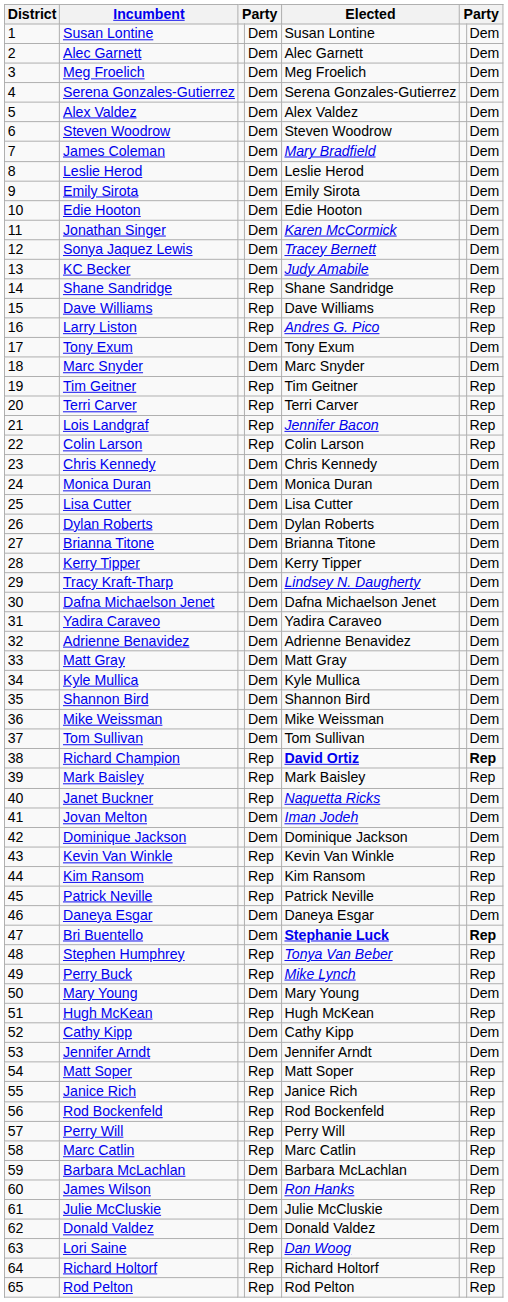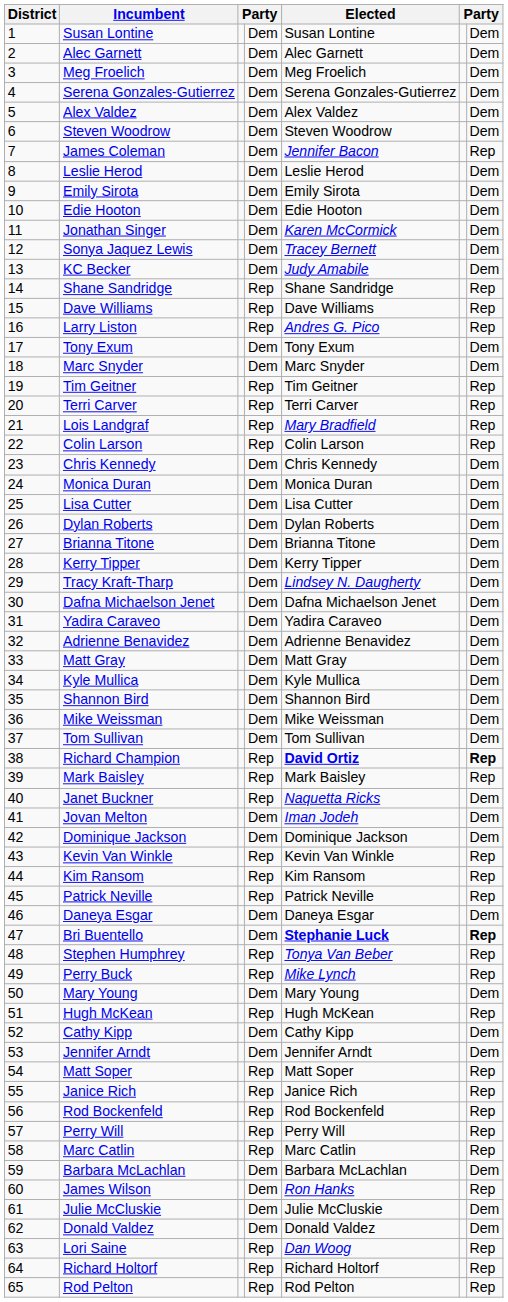 <table class="sortable wikitable" style="font-size:95%;line-height:14px;">
 <tr>
 <th class="unsortable">District</th>
 <th class="unsortable"><a href='#'>Incumbent</a></th>
 <th colspan="2">Party</th>
 <th class="unsortable">Elected</th>
 <th colspan="2">Party</th>
 </tr>
 <tr>
 <td>1</td>
 <td><a href='#'>Susan Lontine</a></td>
 <td style="background:"></td>
 <td>Dem</td>
 <td>Susan Lontine</td>
 <td style="background:"></td>
 <td>Dem</td>
 </tr>
 <tr>
 <td>2</td>
 <td><a href='#'>Alec Garnett</a></td>
 <td style="background:"></td>
 <td>Dem</td>
 <td>Alec Garnett</td>
 <td style="background:"></td>
 <td>Dem</td>
 </tr>
 <tr>
 <td>3</td>
 <td><a href='#'>Meg Froelich</a></td>
 <td style="background:"></td>
 <td>Dem</td>
 <td>Meg Froelich</td>
 <td style="background:"></td>
 <td>Dem</td>
 </tr>
 <tr>
 <td>4</td>
 <td><a href='#'>Serena Gonzales-Gutierrez</a></td>
 <td style="background:"></td>
 <td>Dem</td>
 <td>Serena Gonzales-Gutierrez</td>
 <td style="background:"></td>
 <td>Dem</td>
 </tr>
 <tr>
 <td>5</td>
 <td><a href='#'>Alex Valdez</a></td>
 <td style="background:"></td>
 <td>Dem</td>
 <td>Alex Valdez</td>
 <td style="background:"></td>
 <td>Dem</td>
 </tr>
 <tr>
 <td>6</td>
 <td><a href='#'>Steven Woodrow</a></td>
 <td style="background:"></td>
 <td>Dem</td>
 <td>Steven Woodrow</td>
 <td style="background:"></td>
 <td>Dem</td>
 </tr>
 <tr>
 <td>7</td>
 <td><a href='#'>James Coleman</a></td>
 <td style="background:"></td>
 <td>Dem</td>
-<td><em><a href='#'>Mary Bradfield</a></em></td>
+<td><em><a href='#'>Jennifer Bacon</a></em></td>
 <td style="background:"></td>
-<td>Dem</td>
+<td>Rep</td>
 </tr>
 <tr>
 <td>8</td>
 <td><a href='#'>Leslie Herod</a></td>
 <td style="background:"></td>
 <td>Dem</td>
 <td>Leslie Herod</td>
 <td style="background:"></td>
 <td>Dem</td>
 </tr>
 <tr>
 <td>9</td>
 <td><a href='#'>Emily Sirota</a></td>
 <td style="background:"></td>
 <td>Dem</td>
 <td>Emily Sirota</td>
 <td style="background:"></td>
 <td>Dem</td>
 </tr>
 <tr>
 <td>10</td>
 <td><a href='#'>Edie Hooton</a></td>
 <td style="background:"></td>
 <td>Dem</td>
 <td>Edie Hooton</td>
 <td style="background:"></td>
 <td>Dem</td>
 </tr>
 <tr>
 <td>11</td>
 <td><a href='#'>Jonathan Singer</a></td>
 <td style="background:"></td>
 <td>Dem</td>
 <td><em><a href='#'>Karen McCormick</a></em></td>
 <td style="background:"></td>
 <td>Dem</td>
 </tr>
 <tr>
 <td>12</td>
 <td><a href='#'>Sonya Jaquez Lewis</a></td>
 <td style="background:"></td>
 <td>Dem</td>
 <td><em><a href='#'>Tracey Bernett</a></em></td>
 <td style="background:"></td>
 <td>Dem</td>
 </tr>
 <tr>
 <td>13</td>
 <td><a href='#'>KC Becker</a></td>
 <td style="background:"></td>
 <td>Dem</td>
 <td><em><a href='#'>Judy Amabile</a></em></td>
 <td style="background:"></td>
 <td>Dem</td>
 </tr>
 <tr>
 <td>14</td>
 <td><a href='#'>Shane Sandridge</a></td>
 <td style="background:"></td>
 <td>Rep</td>
 <td>Shane Sandridge</td>
 <td style="background:"></td>
 <td>Rep</td>
 </tr>
 <tr>
 <td>15</td>
 <td><a href='#'>Dave Williams</a></td>
 <td style="background:"></td>
 <td>Rep</td>
 <td>Dave Williams</td>
 <td style="background:"></td>
 <td>Rep</td>
 </tr>
 <tr>
 <td>16</td>
 <td><a href='#'>Larry Liston</a></td>
 <td style="background:"></td>
 <td>Rep</td>
 <td><em><a href='#'>Andres G. Pico</a></em></td>
 <td style="background:"></td>
 <td>Rep</td>
 </tr>
 <tr>
 <td>17</td>
 <td><a href='#'>Tony Exum</a></td>
 <td style="background:"></td>
 <td>Dem</td>
 <td>Tony Exum</td>
 <td style="background:"></td>
 <td>Dem</td>
 </tr>
 <tr>
 <td>18</td>
 <td><a href='#'>Marc Snyder</a></td>
 <td style="background:"></td>
 <td>Dem</td>
 <td>Marc Snyder</td>
 <td style="background:"></td>
 <td>Dem</td>
 </tr>
 <tr>
 <td>19</td>
 <td><a href='#'>Tim Geitner</a></td>
 <td style="background:"></td>
 <td>Rep</td>
 <td>Tim Geitner</td>
 <td style="background:"></td>
 <td>Rep</td>
 </tr>
 <tr>
 <td>20</td>
 <td><a href='#'>Terri Carver</a></td>
 <td style="background:"></td>
 <td>Rep</td>
 <td>Terri Carver</td>
 <td style="background:"></td>
 <td>Rep</td>
 </tr>
 <tr>
 <td>21</td>
 <td><a href='#'>Lois Landgraf</a></td>
 <td style="background:"></td>
 <td>Rep</td>
-<td><em><a href='#'>Jennifer Bacon</a></em></td>
+<td><em><a href='#'>Mary Bradfield</a></em></td>
 <td style="background:"></td>
 <td>Rep</td>
 </tr>
 <tr>
 <td>22</td>
 <td><a href='#'>Colin Larson</a></td>
 <td style="background:"></td>
 <td>Rep</td>
 <td>Colin Larson</td>
 <td style="background:"></td>
 <td>Rep</td>
 </tr>
 <tr>
 <td>23</td>
 <td><a href='#'>Chris Kennedy</a></td>
 <td style="background:"></td>
 <td>Dem</td>
 <td>Chris Kennedy</td>
 <td style="background:"></td>
 <td>Dem</td>
 </tr>
 <tr>
 <td>24</td>
 <td><a href='#'>Monica Duran</a></td>
 <td style="background:"></td>
 <td>Dem</td>
 <td>Monica Duran</td>
 <td style="background:"></td>
 <td>Dem</td>
 </tr>
 <tr>
 <td>25</td>
 <td><a href='#'>Lisa Cutter</a></td>
 <td style="background:"></td>
 <td>Dem</td>
 <td>Lisa Cutter</td>
 <td style="background:"></td>
 <td>Dem</td>
 </tr>
 <tr>
 <td>26</td>
 <td><a href='#'>Dylan Roberts</a></td>
 <td style="background:"></td>
 <td>Dem</td>
 <td>Dylan Roberts</td>
 <td style="background:"></td>
 <td>Dem</td>
 </tr>
 <tr>
 <td>27</td>
 <td><a href='#'>Brianna Titone</a></td>
 <td style="background:"></td>
 <td>Dem</td>
 <td>Brianna Titone</td>
 <td style="background:"></td>
 <td>Dem</td>
 </tr>
 <tr>
 <td>28</td>
 <td><a href='#'>Kerry Tipper</a></td>
 <td style="background:"></td>
 <td>Dem</td>
 <td>Kerry Tipper</td>
 <td style="background:"></td>
 <td>Dem</td>
 </tr>
 <tr>
 <td>29</td>
 <td><a href='#'>Tracy Kraft-Tharp</a></td>
 <td style="background:"></td>
 <td>Dem</td>
 <td><em><a href='#'>Lindsey N. Daugherty</a></em></td>
 <td style="background:"></td>
 <td>Dem</td>
 </tr>
 <tr>
 <td>30</td>
 <td><a href='#'>Dafna Michaelson Jenet</a></td>
 <td style="background:"></td>
 <td>Dem</td>
 <td>Dafna Michaelson Jenet</td>
 <td style="background:"></td>
 <td>Dem</td>
 </tr>
 <tr>
 <td>31</td>
 <td><a href='#'>Yadira Caraveo</a></td>
 <td style="background:"></td>
 <td>Dem</td>
 <td>Yadira Caraveo</td>
 <td style="background:"></td>
 <td>Dem</td>
 </tr>
 <tr>
 <td>32</td>
 <td><a href='#'>Adrienne Benavidez</a></td>
 <td style="background:"></td>
 <td>Dem</td>
 <td>Adrienne Benavidez</td>
 <td style="background:"></td>
 <td>Dem</td>
 </tr>
 <tr>
 <td>33</td>
 <td><a href='#'>Matt Gray</a></td>
 <td style="background:"></td>
 <td>Dem</td>
 <td>Matt Gray</td>
 <td style="background:"></td>
 <td>Dem</td>
 </tr>
 <tr>
 <td>34</td>
 <td><a href='#'>Kyle Mullica</a></td>
 <td style="background:"></td>
 <td>Dem</td>
 <td>Kyle Mullica</td>
 <td style="background:"></td>
 <td>Dem</td>
 </tr>
 <tr>
 <td>35</td>
 <td><a href='#'>Shannon Bird</a></td>
 <td style="background:"></td>
 <td>Dem</td>
 <td>Shannon Bird</td>
 <td style="background:"></td>
 <td>Dem</td>
 </tr>
 <tr>
 <td>36</td>
 <td><a href='#'>Mike Weissman</a></td>
 <td style="background:"></td>
 <td>Dem</td>
 <td>Mike Weissman</td>
 <td style="background:"></td>
 <td>Dem</td>
 </tr>
 <tr>
 <td>37</td>
 <td><a href='#'>Tom Sullivan</a></td>
 <td style="background:"></td>
 <td>Dem</td>
 <td>Tom Sullivan</td>
 <td style="background:"></td>
 <td>Dem</td>
 </tr>
 <tr>
 <td>38</td>
 <td><a href='#'>Richard Champion</a></td>
 <td style="background:"></td>
 <td>Rep</td>
 <td><strong><a href='#'>David Ortiz</a></strong></td>
 <td style="background:"></td>
 <td><strong>Rep</strong></td>
 </tr>
 <tr>
 <td>39</td>
 <td><a href='#'>Mark Baisley</a></td>
 <td style="background:"></td>
 <td>Rep</td>
 <td>Mark Baisley</td>
 <td style="background:"></td>
 <td>Rep</td>
 </tr>
 <tr>
 <td>40</td>
 <td><a href='#'>Janet Buckner</a></td>
 <td style="background:"></td>
 <td>Rep</td>
 <td><em><a href='#'>Naquetta Ricks</a></em></td>
 <td style="background:"></td>
 <td>Dem</td>
 </tr>
 <tr>
 <td>41</td>
 <td><a href='#'>Jovan Melton</a></td>
 <td style="background:"></td>
 <td>Dem</td>
 <td><em><a href='#'>Iman Jodeh</a></em></td>
 <td style="background:"></td>
 <td>Dem</td>
 </tr>
 <tr>
 <td>42</td>
 <td><a href='#'>Dominique Jackson</a></td>
 <td style="background:"></td>
 <td>Dem</td>
 <td>Dominique Jackson</td>
 <td style="background:"></td>
 <td>Dem</td>
 </tr>
 <tr>
 <td>43</td>
 <td><a href='#'>Kevin Van Winkle</a></td>
 <td style="background:"></td>
 <td>Rep</td>
 <td>Kevin Van Winkle</td>
 <td style="background:"></td>
 <td>Rep</td>
 </tr>
 <tr>
 <td>44</td>
 <td><a href='#'>Kim Ransom</a></td>
 <td style="background:"></td>
 <td>Rep</td>
 <td>Kim Ransom</td>
 <td style="background:"></td>
 <td>Rep</td>
 </tr>
 <tr>
 <td>45</td>
 <td><a href='#'>Patrick Neville</a></td>
 <td style="background:"></td>
 <td>Rep</td>
 <td>Patrick Neville</td>
 <td style="background:"></td>
 <td>Rep</td>
 </tr>
 <tr>
 <td>46</td>
 <td><a href='#'>Daneya Esgar</a></td>
 <td style="background:"></td>
 <td>Dem</td>
 <td>Daneya Esgar</td>
 <td style="background:"></td>
 <td>Dem</td>
 </tr>
 <tr>
 <td>47</td>
 <td><a href='#'>Bri Buentello</a></td>
 <td style="background:"></td>
 <td>Dem</td>
 <td><strong><a href='#'>Stephanie Luck</a></strong></td>
 <td style="background:"></td>
 <td><strong>Rep</strong></td>
 </tr>
 <tr>
 <td>48</td>
 <td><a href='#'>Stephen Humphrey</a></td>
 <td style="background:"></td>
 <td>Rep</td>
 <td><em><a href='#'>Tonya Van Beber</a></em></td>
 <td style="background:"></td>
 <td>Rep</td>
 </tr>
 <tr>
 <td>49</td>
 <td><a href='#'>Perry Buck</a></td>
 <td style="background:"></td>
 <td>Rep</td>
 <td><em><a href='#'>Mike Lynch</a></em></td>
 <td style="background:"></td>
 <td>Rep</td>
 </tr>
 <tr>
 <td>50</td>
 <td><a href='#'>Mary Young</a></td>
 <td style="background:"></td>
 <td>Dem</td>
 <td>Mary Young</td>
 <td style="background:"></td>
 <td>Dem</td>
 </tr>
 <tr>
 <td>51</td>
 <td><a href='#'>Hugh McKean</a></td>
 <td style="background:"></td>
 <td>Rep</td>
 <td>Hugh McKean</td>
 <td style="background:"></td>
 <td>Rep</td>
 </tr>
 <tr>
 <td>52</td>
 <td><a href='#'>Cathy Kipp</a></td>
 <td style="background:"></td>
 <td>Dem</td>
 <td>Cathy Kipp</td>
 <td style="background:"></td>
 <td>Dem</td>
 </tr>
 <tr>
 <td>53</td>
 <td><a href='#'>Jennifer Arndt</a></td>
 <td style="background:"></td>
 <td>Dem</td>
 <td>Jennifer Arndt</td>
 <td style="background:"></td>
 <td>Dem</td>
 </tr>
 <tr>
 <td>54</td>
 <td><a href='#'>Matt Soper</a></td>
 <td style="background:"></td>
 <td>Rep</td>
 <td>Matt Soper</td>
 <td style="background:"></td>
 <td>Rep</td>
 </tr>
 <tr>
 <td>55</td>
 <td><a href='#'>Janice Rich</a></td>
 <td style="background:"></td>
 <td>Rep</td>
 <td>Janice Rich</td>
 <td style="background:"></td>
 <td>Rep</td>
 </tr>
 <tr>
 <td>56</td>
 <td><a href='#'>Rod Bockenfeld</a></td>
 <td style="background:"></td>
 <td>Rep</td>
 <td>Rod Bockenfeld</td>
 <td style="background:"></td>
 <td>Rep</td>
 </tr>
 <tr>
 <td>57</td>
 <td><a href='#'>Perry Will</a></td>
 <td style="background:"></td>
 <td>Rep</td>
 <td>Perry Will</td>
 <td style="background:"></td>
 <td>Rep</td>
 </tr>
 <tr>
 <td>58</td>
 <td><a href='#'>Marc Catlin</a></td>
 <td style="background:"></td>
 <td>Rep</td>
 <td>Marc Catlin</td>
 <td style="background:"></td>
 <td>Rep</td>
 </tr>
 <tr>
 <td>59</td>
 <td><a href='#'>Barbara McLachlan</a></td>
 <td style="background:"></td>
 <td>Dem</td>
 <td>Barbara McLachlan</td>
 <td style="background:"></td>
 <td>Dem</td>
 </tr>
 <tr>
 <td>60</td>
 <td><a href='#'>James Wilson</a></td>
 <td style="background:"></td>
 <td>Dem</td>
 <td><em><a href='#'>Ron Hanks</a></em></td>
 <td style="background:"></td>
 <td>Rep</td>
 </tr>
 <tr>
 <td>61</td>
 <td><a href='#'>Julie McCluskie</a></td>
 <td style="background:"></td>
 <td>Dem</td>
 <td>Julie McCluskie</td>
 <td style="background:"></td>
 <td>Dem</td>
 </tr>
 <tr>
 <td>62</td>
 <td><a href='#'>Donald Valdez</a></td>
 <td style="background:"></td>
 <td>Dem</td>
 <td>Donald Valdez</td>
 <td style="background:"></td>
 <td>Dem</td>
 </tr>
 <tr>
 <td>63</td>
 <td><a href='#'>Lori Saine</a></td>
 <td style="background:"></td>
 <td>Rep</td>
 <td><em><a href='#'>Dan Woog</a></em></td>
 <td style="background:"></td>
 <td>Rep</td>
 </tr>
 <tr>
 <td>64</td>
 <td><a href='#'>Richard Holtorf</a></td>
 <td style="background:"></td>
 <td>Rep</td>
 <td>Richard Holtorf</td>
 <td style="background:"></td>
 <td>Rep</td>
 </tr>
 <tr>
 <td>65</td>
 <td><a href='#'>Rod Pelton</a></td>
 <td style="background:"></td>
 <td>Rep</td>
 <td>Rod Pelton</td>
 <td style="background:"></td>
 <td>Rep</td>
 </tr>
 </table>
